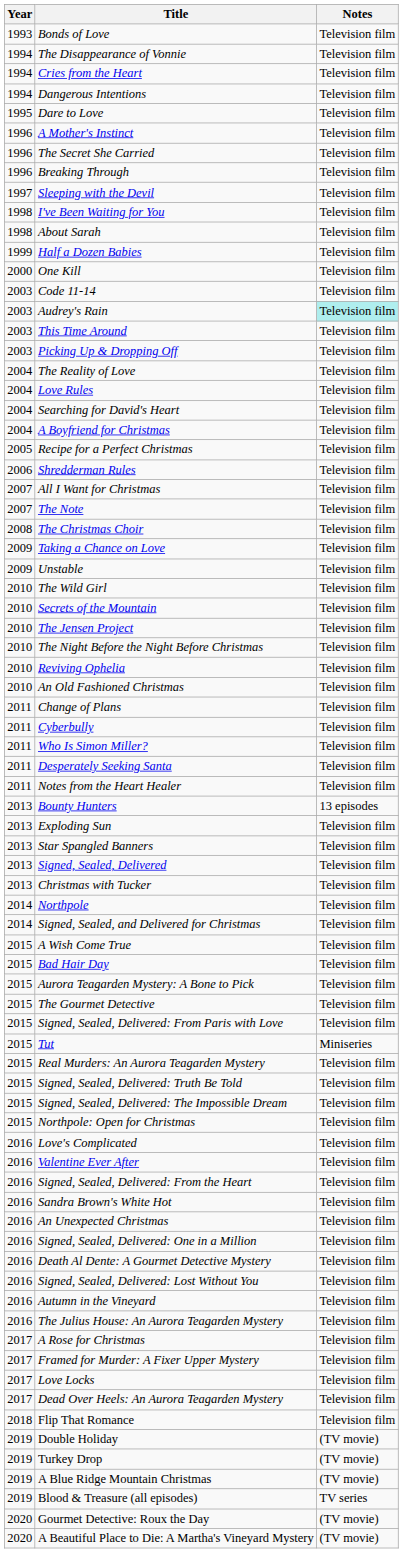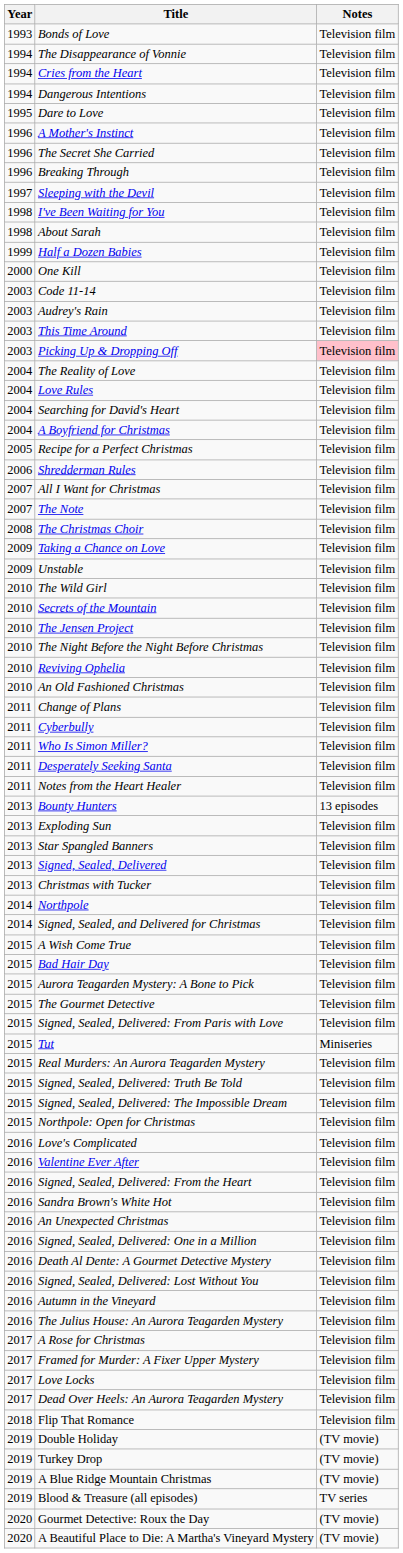 <table class="wikitable sortable">
 <tr>
 <th>Year</th>
 <th>Title</th>
 <th>Notes</th>
 </tr>
 <tr>
 <td>1993</td>
 <td><em>Bonds of Love</em></td>
 <td>Television film</td>
 </tr>
 <tr>
 <td>1994</td>
 <td><em>The Disappearance of Vonnie</em></td>
 <td>Television film</td>
 </tr>
 <tr>
 <td>1994</td>
 <td><em><a href='#'>Cries from the Heart</a></em></td>
 <td>Television film</td>
 </tr>
 <tr>
 <td>1994</td>
 <td><em>Dangerous Intentions</em></td>
 <td>Television film</td>
 </tr>
 <tr>
 <td>1995</td>
 <td><em>Dare to Love</em></td>
 <td>Television film</td>
 </tr>
 <tr>
 <td>1996</td>
 <td><em><a href='#'>A Mother's Instinct</a></em></td>
 <td>Television film</td>
 </tr>
 <tr>
 <td>1996</td>
 <td><em>The Secret She Carried</em></td>
 <td>Television film</td>
 </tr>
 <tr>
 <td>1996</td>
 <td><em>Breaking Through</em></td>
 <td>Television film</td>
 </tr>
 <tr>
 <td>1997</td>
 <td><em><a href='#'>Sleeping with the Devil</a></em></td>
 <td>Television film</td>
 </tr>
 <tr>
 <td>1998</td>
 <td><em><a href='#'>I've Been Waiting for You</a></em></td>
 <td>Television film</td>
 </tr>
 <tr>
 <td>1998</td>
 <td><em>About Sarah</em></td>
 <td>Television film</td>
 </tr>
 <tr>
 <td>1999</td>
 <td><em><a href='#'>Half a Dozen Babies</a></em></td>
 <td>Television film</td>
 </tr>
 <tr>
 <td>2000</td>
 <td><em>One Kill </em></td>
 <td>Television film</td>
 </tr>
 <tr>
 <td>2003</td>
 <td><em>Code 11-14</em></td>
 <td>Television film</td>
 </tr>
 <tr>
 <td>2003</td>
 <td><em>Audrey's Rain </em></td>
-<td style="background: paleturquoise;">Television film</td>
+<td>Television film</td>
 </tr>
 <tr>
 <td>2003</td>
 <td><em><a href='#'>This Time Around</a></em></td>
 <td>Television film</td>
 </tr>
 <tr>
 <td>2003</td>
 <td><em><a href='#'>Picking Up & Dropping Off</a></em></td>
-<td>Television film</td>
+<td style="background: pink;">Television film</td>
 </tr>
 <tr>
 <td>2004</td>
 <td><em>The Reality of Love </em></td>
 <td>Television film</td>
 </tr>
 <tr>
 <td>2004</td>
 <td><em><a href='#'>Love Rules</a></em></td>
 <td>Television film</td>
 </tr>
 <tr>
 <td>2004</td>
 <td><em>Searching for David's Heart </em></td>
 <td>Television film</td>
 </tr>
 <tr>
 <td>2004</td>
 <td><em><a href='#'>A Boyfriend for Christmas</a></em></td>
 <td>Television film</td>
 </tr>
 <tr>
 <td>2005</td>
 <td><em>Recipe for a Perfect Christmas</em></td>
 <td>Television film</td>
 </tr>
 <tr>
 <td>2006</td>
 <td><em><a href='#'>Shredderman Rules</a></em></td>
 <td>Television film</td>
 </tr>
 <tr>
 <td>2007</td>
 <td><em>All I Want for Christmas</em></td>
 <td>Television film</td>
 </tr>
 <tr>
 <td>2007</td>
 <td><em><a href='#'>The Note</a></em></td>
 <td>Television film</td>
 </tr>
 <tr>
 <td>2008</td>
 <td><em><a href='#'>The Christmas Choir</a></em></td>
 <td>Television film</td>
 </tr>
 <tr>
 <td>2009</td>
 <td><em><a href='#'>Taking a Chance on Love</a></em></td>
 <td>Television film</td>
 </tr>
 <tr>
 <td>2009</td>
 <td><em>Unstable</em></td>
 <td>Television film</td>
 </tr>
 <tr>
 <td>2010</td>
 <td><em>The Wild Girl </em></td>
 <td>Television film</td>
 </tr>
 <tr>
 <td>2010</td>
 <td><em><a href='#'>Secrets of the Mountain</a></em></td>
 <td>Television film</td>
 </tr>
 <tr>
 <td>2010</td>
 <td><em><a href='#'>The Jensen Project</a></em></td>
 <td>Television film</td>
 </tr>
 <tr>
 <td>2010</td>
 <td><em>The Night Before the Night Before Christmas</em></td>
 <td>Television film</td>
 </tr>
 <tr>
 <td>2010</td>
 <td><em><a href='#'>Reviving Ophelia</a></em></td>
 <td>Television film</td>
 </tr>
 <tr>
 <td>2010</td>
 <td><em>An Old Fashioned Christmas</em></td>
 <td>Television film</td>
 </tr>
 <tr>
 <td>2011</td>
 <td><em>Change of Plans</em></td>
 <td>Television film</td>
 </tr>
 <tr>
 <td>2011</td>
 <td><em><a href='#'>Cyberbully</a></em></td>
 <td>Television film</td>
 </tr>
 <tr>
 <td>2011</td>
 <td><em><a href='#'>Who Is Simon Miller?</a></em></td>
 <td>Television film</td>
 </tr>
 <tr>
 <td>2011</td>
 <td><em><a href='#'>Desperately Seeking Santa</a></em></td>
 <td>Television film</td>
 </tr>
 <tr>
 <td>2011</td>
 <td><em>Notes from the Heart Healer </em></td>
 <td>Television film</td>
 </tr>
 <tr>
 <td>2013</td>
 <td><em><a href='#'>Bounty Hunters</a></em></td>
 <td>13 episodes</td>
 </tr>
 <tr>
 <td>2013</td>
 <td><em>Exploding Sun</em></td>
 <td>Television film</td>
 </tr>
 <tr>
 <td>2013</td>
 <td><em>Star Spangled Banners</em></td>
 <td>Television film</td>
 </tr>
 <tr>
 <td>2013</td>
 <td><em><a href='#'>Signed, Sealed, Delivered</a></em></td>
 <td>Television film</td>
 </tr>
 <tr>
 <td>2013</td>
 <td><em>Christmas with Tucker </em></td>
 <td>Television film</td>
 </tr>
 <tr>
 <td>2014</td>
 <td><em><a href='#'>Northpole</a></em></td>
 <td>Television film</td>
 </tr>
 <tr>
 <td>2014</td>
 <td><em>Signed, Sealed, and Delivered for Christmas</em></td>
 <td>Television film</td>
 </tr>
 <tr>
 <td>2015</td>
 <td><em>A Wish Come True </em></td>
 <td>Television film</td>
 </tr>
 <tr>
 <td>2015</td>
 <td><em><a href='#'>Bad Hair Day</a></em></td>
 <td>Television film</td>
 </tr>
 <tr>
 <td>2015</td>
 <td><em>Aurora Teagarden Mystery: A Bone to Pick</em></td>
 <td>Television film</td>
 </tr>
 <tr>
 <td>2015</td>
 <td><em>The Gourmet Detective</em></td>
 <td>Television film</td>
 </tr>
 <tr>
 <td>2015</td>
 <td><em>Signed, Sealed, Delivered: From Paris with Love</em></td>
 <td>Television film</td>
 </tr>
 <tr>
 <td>2015</td>
 <td><em><a href='#'>Tut</a></em></td>
 <td>Miniseries</td>
 </tr>
 <tr>
 <td>2015</td>
 <td><em>Real Murders: An Aurora Teagarden Mystery</em></td>
 <td>Television film</td>
 </tr>
 <tr>
 <td>2015</td>
 <td><em>Signed, Sealed, Delivered: Truth Be Told </em></td>
 <td>Television film</td>
 </tr>
 <tr>
 <td>2015</td>
 <td><em>Signed, Sealed, Delivered: The Impossible Dream</em></td>
 <td>Television film</td>
 </tr>
 <tr>
 <td>2015</td>
 <td><em>Northpole: Open for Christmas</em></td>
 <td>Television film</td>
 </tr>
 <tr>
 <td>2016</td>
 <td><em>Love's Complicated</em></td>
 <td>Television film</td>
 </tr>
 <tr>
 <td>2016</td>
 <td><em><a href='#'>Valentine Ever After</a></em></td>
 <td>Television film</td>
 </tr>
 <tr>
 <td>2016</td>
 <td><em>Signed, Sealed, Delivered: From the Heart</em></td>
 <td>Television film</td>
 </tr>
 <tr>
 <td>2016</td>
 <td><em>Sandra Brown's White Hot</em></td>
 <td>Television film</td>
 </tr>
 <tr>
 <td>2016</td>
 <td><em>An Unexpected Christmas</em></td>
 <td>Television film</td>
 </tr>
 <tr>
 <td>2016</td>
 <td><em>Signed, Sealed, Delivered: One in a Million</em></td>
 <td>Television film</td>
 </tr>
 <tr>
 <td>2016</td>
 <td><em>Death Al Dente: A Gourmet Detective Mystery</em></td>
 <td>Television film</td>
 </tr>
 <tr>
 <td>2016</td>
 <td><em>Signed, Sealed, Delivered: Lost Without You</em></td>
 <td>Television film</td>
 </tr>
 <tr>
 <td>2016</td>
 <td><em>Autumn in the Vineyard</em></td>
 <td>Television film</td>
 </tr>
 <tr>
 <td>2016</td>
 <td><em>The Julius House: An Aurora Teagarden Mystery</em></td>
 <td>Television film</td>
 </tr>
 <tr>
 <td>2017</td>
 <td><em>A Rose for Christmas</em></td>
 <td>Television film</td>
 </tr>
 <tr>
 <td>2017</td>
 <td><em>Framed for Murder: A Fixer Upper Mystery</em></td>
 <td>Television film</td>
 </tr>
 <tr>
 <td>2017</td>
 <td><em>Love Locks </em></td>
 <td>Television film</td>
 </tr>
 <tr>
 <td>2017</td>
 <td><em>Dead Over Heels: An Aurora Teagarden Mystery</em></td>
 <td>Television film</td>
 </tr>
 <tr>
 <td>2018</td>
 <td>Flip That Romance</td>
 <td>Television film</td>
 </tr>
 <tr>
 <td>2019</td>
 <td>Double Holiday</td>
 <td>(TV movie)</td>
 </tr>
 <tr>
 <td>2019</td>
 <td>Turkey Drop</td>
 <td>(TV movie)</td>
 </tr>
 <tr>
 <td>2019</td>
 <td>A Blue Ridge Mountain Christmas</td>
 <td>(TV movie)</td>
 </tr>
 <tr>
 <td>2019</td>
 <td>Blood & Treasure (all episodes)</td>
 <td>TV series</td>
 </tr>
 <tr>
 <td>2020</td>
 <td>Gourmet Detective: Roux the Day</td>
 <td>(TV movie)</td>
 </tr>
 <tr>
 <td>2020</td>
 <td>A Beautiful Place to Die: A Martha's Vineyard Mystery</td>
 <td>(TV movie)</td>
 </tr>
 </table>
